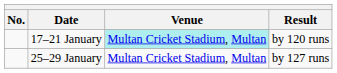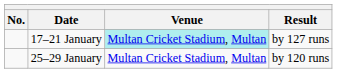 <table class="wikitable">
 <tr>
 <th colspan="4"></th>
 </tr>
 <tr>
 <th>No.</th>
 <th>Date</th>
 <th>Venue</th>
 <th>Result</th>
 </tr>
 <tr>
 <td></td>
 <td>17–21 January</td>
 <td style="background: paleturquoise;"><a href='#'>Multan Cricket Stadium</a>, <a href='#'>Multan</a></td>
-<td> by 120 runs</td>
+<td> by 127 runs</td>
 </tr>
 <tr>
 <td></td>
 <td>25–29 January</td>
 <td><a href='#'>Multan Cricket Stadium</a>, <a href='#'>Multan</a></td>
-<td> by 127 runs</td>
+<td> by 120 runs</td>
 </tr>
 </table>
